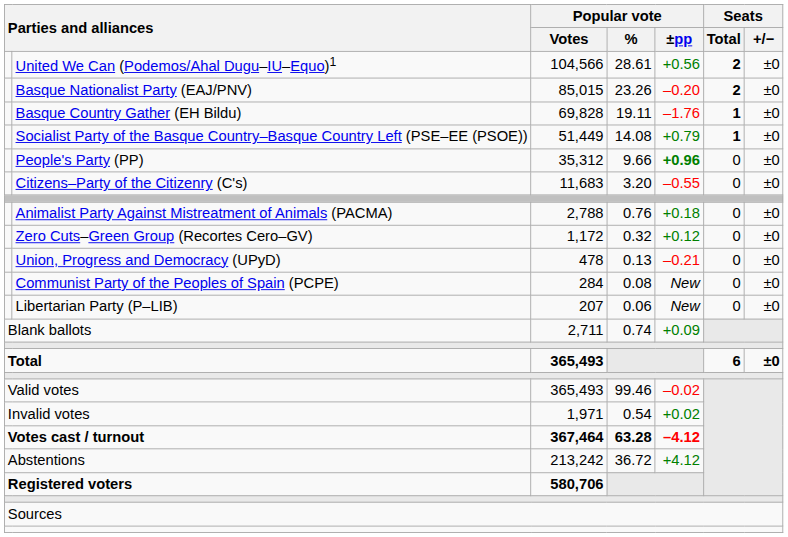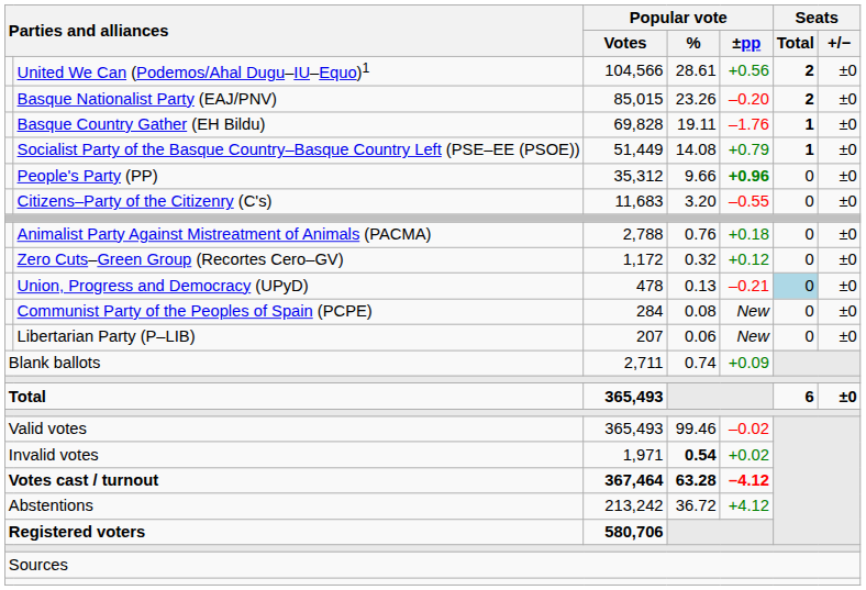 <table class="wikitable" style="text-align:right;">
 <tr>
 <th style="text-align:left;" rowspan="2" colspan="2" width="525">Parties and alliances</th>
 <th colspan="3">Popular vote</th>
 <th colspan="2">Seats</th>
 </tr>
 <tr>
 <th width="75">Votes</th>
 <th width="45">%</th>
 <th width="45">±<a href='#'>pp</a></th>
 <th width="35">Total</th>
 <th width="35">+/−</th>
 </tr>
 <tr>
 <td width="1" style="color:inherit;background:"></td>
 <td align="left"><a href='#'>United We Can</a> (<a href='#'>Podemos/Ahal Dugu</a>–<a href='#'>IU</a>–<a href='#'>Equo</a>)<sup>1</sup></td>
 <td>104,566</td>
 <td>28.61</td>
 <td style="color:green;">+0.56</td>
 <td><strong>2</strong></td>
 <td>±0</td>
 </tr>
 <tr>
 <td style="color:inherit;background:"></td>
 <td align="left"><a href='#'>Basque Nationalist Party</a> (EAJ/PNV)</td>
 <td>85,015</td>
 <td>23.26</td>
 <td style="color:red;">–0.20</td>
 <td><strong>2</strong></td>
 <td>±0</td>
 </tr>
 <tr>
 <td style="color:inherit;background:"></td>
 <td align="left"><a href='#'>Basque Country Gather</a> (EH Bildu)</td>
 <td>69,828</td>
 <td>19.11</td>
 <td style="color:red;">–1.76</td>
 <td><strong>1</strong></td>
 <td>±0</td>
 </tr>
 <tr>
 <td style="color:inherit;background:"></td>
 <td align="left"><a href='#'>Socialist Party of the Basque Country–Basque Country Left</a> (PSE–EE (PSOE))</td>
 <td>51,449</td>
 <td>14.08</td>
 <td style="color:green;">+0.79</td>
 <td><strong>1</strong></td>
 <td>±0</td>
 </tr>
 <tr>
 <td style="color:inherit;background:"></td>
 <td align="left"><a href='#'>People's Party</a> (PP)</td>
 <td>35,312</td>
 <td>9.66</td>
 <td style="color:green;"><strong>+0.96</strong></td>
 <td>0</td>
 <td>±0</td>
 </tr>
 <tr>
 <td style="color:inherit;background:"></td>
 <td align="left"><a href='#'>Citizens–Party of the Citizenry</a> (C's)</td>
 <td>11,683</td>
 <td>3.20</td>
 <td style="color:red;">–0.55</td>
 <td>0</td>
 <td>±0</td>
 </tr>
 <tr>
 <td colspan="7" bgcolor="#C0C0C0"></td>
 </tr>
 <tr>
 <td style="color:inherit;background:"></td>
 <td align="left"><a href='#'>Animalist Party Against Mistreatment of Animals</a> (PACMA)</td>
 <td>2,788</td>
 <td>0.76</td>
 <td style="color:green;">+0.18</td>
 <td>0</td>
 <td>±0</td>
 </tr>
 <tr>
 <td style="color:inherit;background:"></td>
 <td align="left"><a href='#'>Zero Cuts</a>–<a href='#'>Green Group</a> (Recortes Cero–GV)</td>
 <td>1,172</td>
 <td>0.32</td>
 <td style="color:green;">+0.12</td>
 <td>0</td>
 <td>±0</td>
 </tr>
 <tr>
 <td style="color:inherit;background:"></td>
 <td align="left"><a href='#'>Union, Progress and Democracy</a> (UPyD)</td>
 <td>478</td>
 <td>0.13</td>
 <td style="color:red;">–0.21</td>
-<td>0</td>
+<td style="background: lightblue;">0</td>
 <td>±0</td>
 </tr>
 <tr>
 <td style="color:inherit;background:"></td>
 <td align="left"><a href='#'>Communist Party of the Peoples of Spain</a> (PCPE)</td>
 <td>284</td>
 <td>0.08</td>
 <td><em>New</em></td>
 <td>0</td>
 <td>±0</td>
 </tr>
 <tr>
 <td style="color:inherit;background:"></td>
 <td align="left">Libertarian Party (P–LIB)</td>
 <td>207</td>
 <td>0.06</td>
 <td><em>New</em></td>
 <td>0</td>
 <td>±0</td>
 </tr>
 <tr>
 <td align="left" colspan="2">Blank ballots</td>
 <td>2,711</td>
 <td>0.74</td>
 <td style="color:green;">+0.09</td>
 <td bgcolor="#E9E9E9" colspan="2"></td>
 </tr>
 <tr>
 <td colspan="7" bgcolor="#E9E9E9"></td>
 </tr>
 <tr style="font-weight:bold;">
 <td align="left" colspan="2">Total</td>
 <td>365,493</td>
 <td bgcolor="#E9E9E9" colspan="2"></td>
 <td>6</td>
 <td>±0</td>
 </tr>
 <tr>
 <td colspan="7" bgcolor="#E9E9E9"></td>
 </tr>
 <tr>
 <td align="left" colspan="2">Valid votes</td>
 <td>365,493</td>
 <td>99.46</td>
 <td style="color:red;">–0.02</td>
 <td bgcolor="#E9E9E9" colspan="2" rowspan="5"></td>
 </tr>
 <tr>
 <td align="left" colspan="2">Invalid votes</td>
 <td>1,971</td>
-<td>0.54</td>
+<td><strong>0.54</strong></td>
 <td style="color:green;">+0.02</td>
 </tr>
 <tr style="font-weight:bold;">
 <td align="left" colspan="2">Votes cast / turnout</td>
 <td>367,464</td>
 <td>63.28</td>
 <td style="color:red;">–4.12</td>
 </tr>
 <tr>
 <td align="left" colspan="2">Abstentions</td>
 <td>213,242</td>
 <td>36.72</td>
 <td style="color:green;">+4.12</td>
 </tr>
 <tr style="font-weight:bold;">
 <td align="left" colspan="2">Registered voters</td>
 <td>580,706</td>
 <td bgcolor="#E9E9E9" colspan="2"></td>
 </tr>
 <tr>
 <td colspan="7" bgcolor="#E9E9E9"></td>
 </tr>
 <tr>
 <td align="left" colspan="7">Sources</td>
 </tr>
 <tr>
 <td colspan="7" style="text-align:left; max-width:790px;"></td>
 </tr>
 </table>
